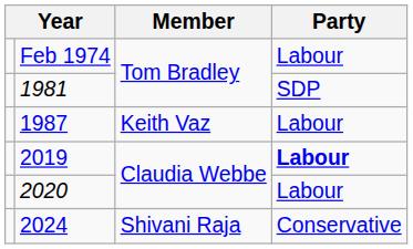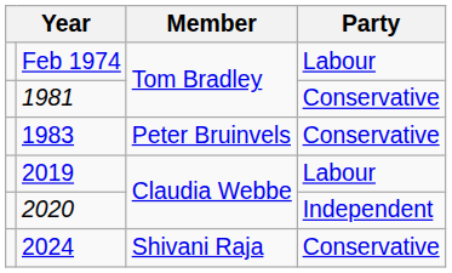 <table class="wikitable">
 <tr>
 <th colspan="2">Year</th>
 <th>Member</th>
 <th>Party</th>
 </tr>
 <tr>
 <td style="color:inherit;background-color: "></td>
 <td><a href='#'>Feb 1974</a></td>
 <td rowspan="2"><a href='#'>Tom Bradley</a></td>
 <td><a href='#'>Labour</a></td>
 </tr>
 <tr>
 <td style="color:inherit;background-color: "></td>
 <td><em>1981</em></td>
-<td><a href='#'>SDP</a></td>
+<td><a href='#'>Conservative</a></td>
 </tr>
 <tr>
 <td style="color:inherit;background-color: "></td>
-<td><a href='#'>1987</a></td>
-<td><a href='#'>Keith Vaz</a></td>
-<td><a href='#'>Labour</a></td>
+<td><a href='#'>1983</a></td>
+<td><a href='#'>Peter Bruinvels</a></td>
+<td><a href='#'>Conservative</a></td>
 </tr>
 <tr>
 <td style="color:inherit;background-color: "></td>
 <td><a href='#'>2019</a></td>
 <td rowspan="2"><a href='#'>Claudia Webbe</a></td>
-<td><strong><a href='#'>Labour</a></strong></td>
+<td><a href='#'>Labour</a></td>
 </tr>
 <tr>
 <td style="color:inherit;background-color: "></td>
 <td><em>2020</em></td>
-<td><a href='#'>Labour</a></td>
+<td><a href='#'>Independent</a></td>
 </tr>
 <tr>
 <td style="color:inherit;background-color: "></td>
 <td><a href='#'>2024</a></td>
 <td><a href='#'>Shivani Raja</a></td>
 <td><a href='#'>Conservative</a></td>
 </tr>
 </table>
